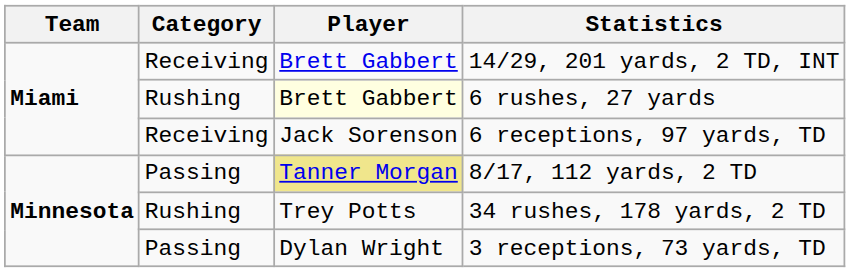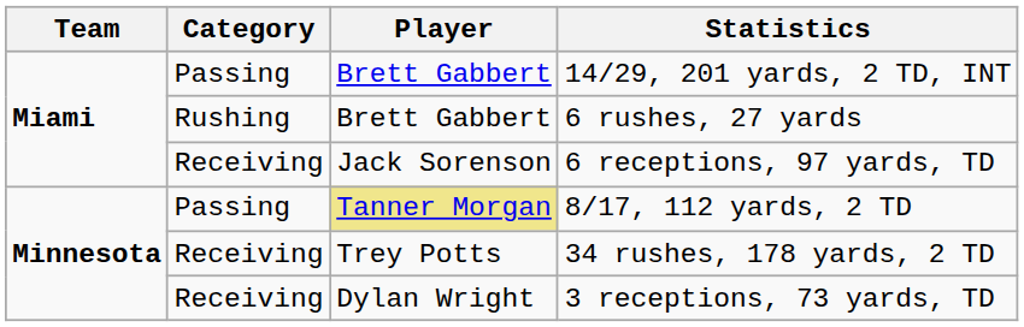 <table class="wikitable" style="float: left;">
 <tr>
 <th>Team</th>
 <th>Category</th>
 <th>Player</th>
 <th>Statistics</th>
 </tr>
 <tr>
 <td rowspan=3><strong>Miami</strong></td>
-<td>Receiving</td>
+<td>Passing</td>
 <td><a href='#'>Brett Gabbert</a></td>
 <td>14/29, 201 yards, 2 TD, INT</td>
 </tr>
 <tr>
 <td>Rushing</td>
-<td style="background: lightyellow;">Brett Gabbert</td>
+<td>Brett Gabbert</td>
 <td>6 rushes, 27 yards</td>
 </tr>
 <tr>
 <td>Receiving</td>
 <td>Jack Sorenson</td>
 <td>6 receptions, 97 yards, TD</td>
 </tr>
 <tr>
 <td rowspan=3><strong>Minnesota</strong></td>
 <td>Passing</td>
 <td style="background: khaki;"><a href='#'>Tanner Morgan</a></td>
 <td>8/17, 112 yards, 2 TD</td>
 </tr>
 <tr>
-<td>Rushing</td>
+<td>Receiving</td>
 <td>Trey Potts</td>
 <td>34 rushes, 178 yards, 2 TD</td>
 </tr>
 <tr>
-<td>Passing</td>
+<td>Receiving</td>
 <td>Dylan Wright</td>
 <td>3 receptions, 73 yards, TD</td>
 </tr>
 </table>
